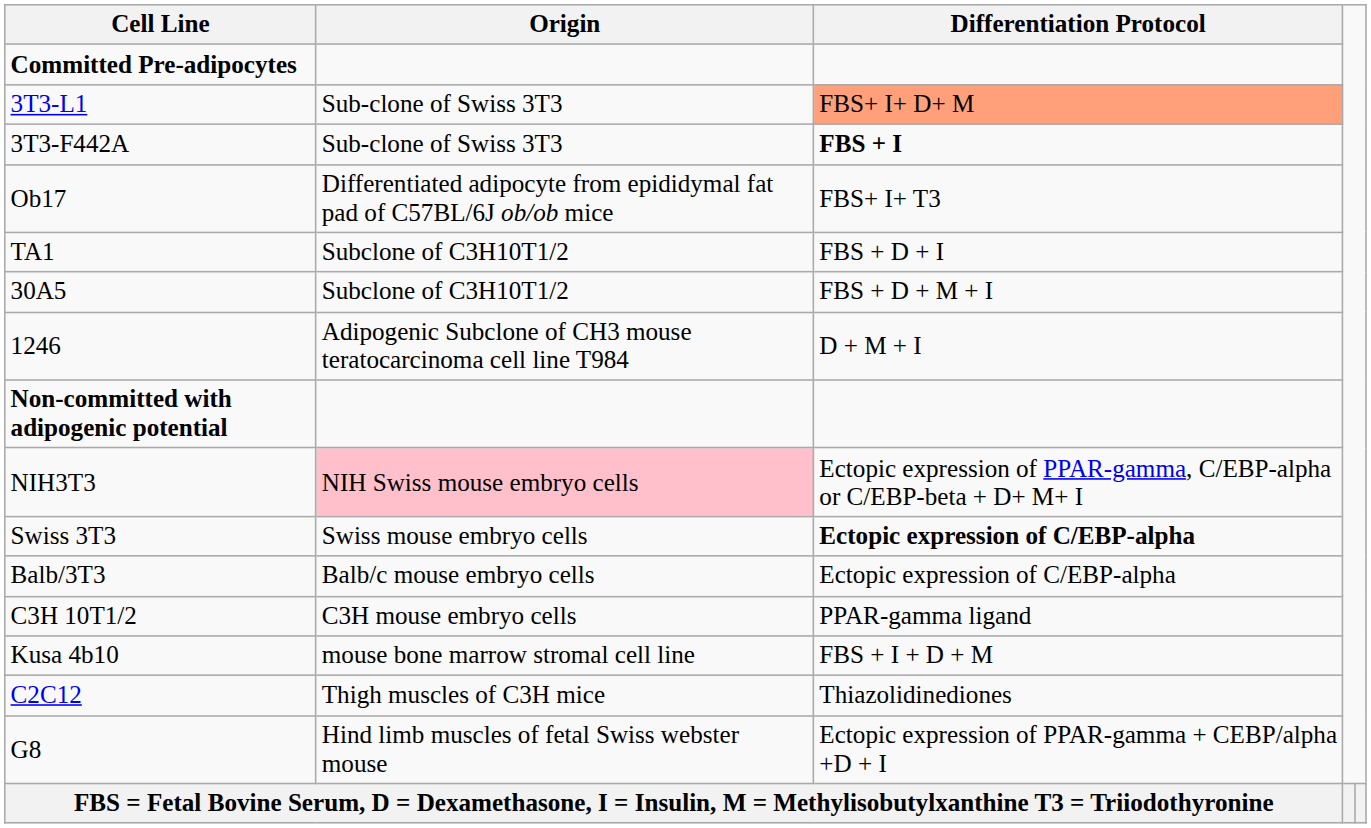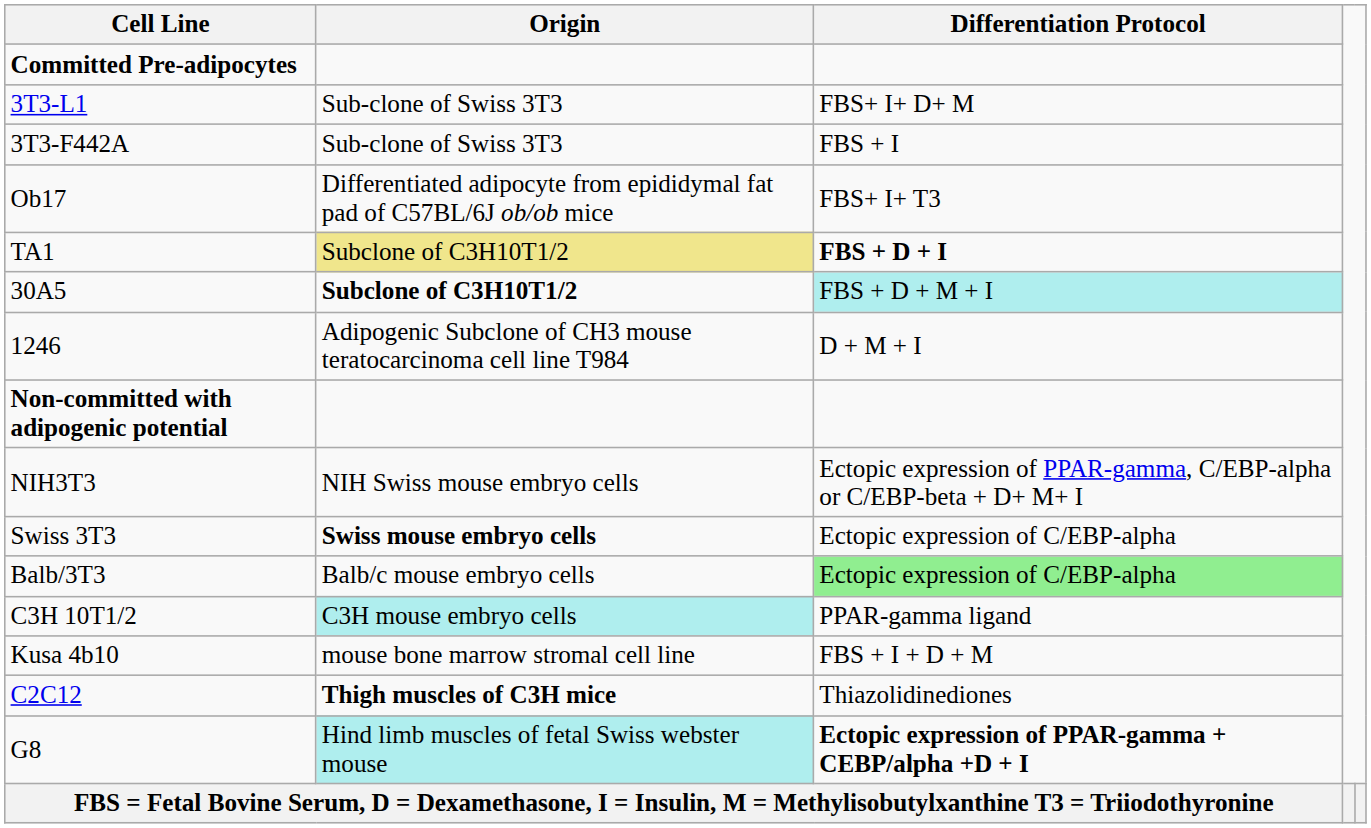 <table class="wikitable">
 <tr>
 <th>Cell Line</th>
 <th>Origin</th>
 <th>Differentiation Protocol</th>
 </tr>
 <tr>
 <td><strong>Committed Pre-adipocytes</strong></td>
 <td></td>
 <td></td>
 </tr>
 <tr>
 <td><a href='#'>3T3-L1</a></td>
 <td>Sub-clone of Swiss 3T3</td>
-<td style="background: lightsalmon;">FBS+ I+ D+ M</td>
+<td>FBS+ I+ D+ M</td>
 </tr>
 <tr>
 <td>3T3-F442A</td>
 <td>Sub-clone of Swiss 3T3</td>
-<td><strong>FBS + I</strong></td>
+<td>FBS + I</td>
 </tr>
 <tr>
 <td>Ob17</td>
 <td>Differentiated adipocyte from epididymal fat pad of C57BL/6J <em>ob/ob</em> mice</td>
 <td>FBS+ I+ T3</td>
 </tr>
 <tr>
 <td>TA1</td>
-<td>Subclone of C3H10T1/2 </td>
-<td>FBS + D + I</td>
+<td style="background: khaki;">Subclone of C3H10T1/2 </td>
+<td><strong>FBS + D + I</strong></td>
 </tr>
 <tr>
 <td>30A5</td>
-<td>Subclone of C3H10T1/2</td>
-<td>FBS + D + M + I</td>
+<td><strong>Subclone of C3H10T1/2</strong></td>
+<td style="background: paleturquoise;">FBS + D + M + I</td>
 </tr>
 <tr>
 <td>1246</td>
 <td>Adipogenic Subclone of CH3 mouse teratocarcinoma cell line T984</td>
 <td>D + M + I</td>
 </tr>
 <tr>
 <td><strong>Non-committed with adipogenic potential</strong></td>
 <td></td>
 <td></td>
 </tr>
 <tr>
 <td>NIH3T3</td>
-<td style="background: pink;">NIH Swiss mouse embryo cells</td>
+<td>NIH Swiss mouse embryo cells</td>
 <td>Ectopic expression of <a href='#'>PPAR-gamma</a>, C/EBP-alpha or C/EBP-beta + D+ M+ I</td>
 </tr>
 <tr>
 <td>Swiss 3T3</td>
-<td>Swiss mouse embryo cells</td>
-<td><strong>Ectopic expression of C/EBP-alpha</strong></td>
+<td><strong>Swiss mouse embryo cells</strong></td>
+<td>Ectopic expression of C/EBP-alpha</td>
 </tr>
 <tr>
 <td>Balb/3T3</td>
 <td>Balb/c mouse embryo cells</td>
-<td>Ectopic expression of C/EBP-alpha</td>
+<td style="background: lightgreen;">Ectopic expression of C/EBP-alpha</td>
 </tr>
 <tr>
 <td>C3H 10T1/2</td>
-<td>C3H mouse embryo cells</td>
+<td style="background: paleturquoise;">C3H mouse embryo cells</td>
 <td>PPAR-gamma ligand</td>
 </tr>
 <tr>
 <td>Kusa 4b10</td>
 <td>mouse bone marrow stromal cell line</td>
 <td>FBS + I + D + M</td>
 </tr>
 <tr>
 <td><a href='#'>C2C12</a></td>
-<td>Thigh muscles of C3H mice</td>
+<td><strong>Thigh muscles of C3H mice</strong></td>
 <td>Thiazolidinediones</td>
 </tr>
 <tr>
 <td>G8</td>
-<td>Hind limb muscles of fetal Swiss webster mouse</td>
-<td>Ectopic expression of PPAR-gamma + CEBP/alpha +D + I</td>
+<td style="background: paleturquoise;">Hind limb muscles of fetal Swiss webster mouse</td>
+<td><strong>Ectopic expression of PPAR-gamma + CEBP/alpha +D + I</strong></td>
 </tr>
 <tr>
 <th colspan=3>FBS = Fetal Bovine Serum, D = Dexamethasone, I = Insulin, M = Methylisobutylxanthine T3 = Triiodothyronine</th>
 <th></th>
 <th></th>
 </tr>
 </table>
